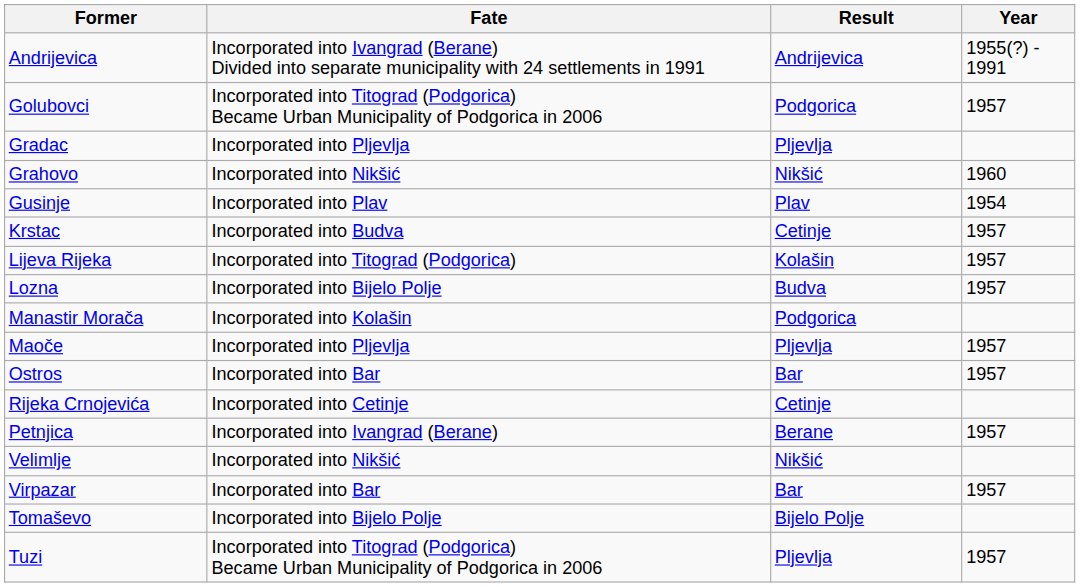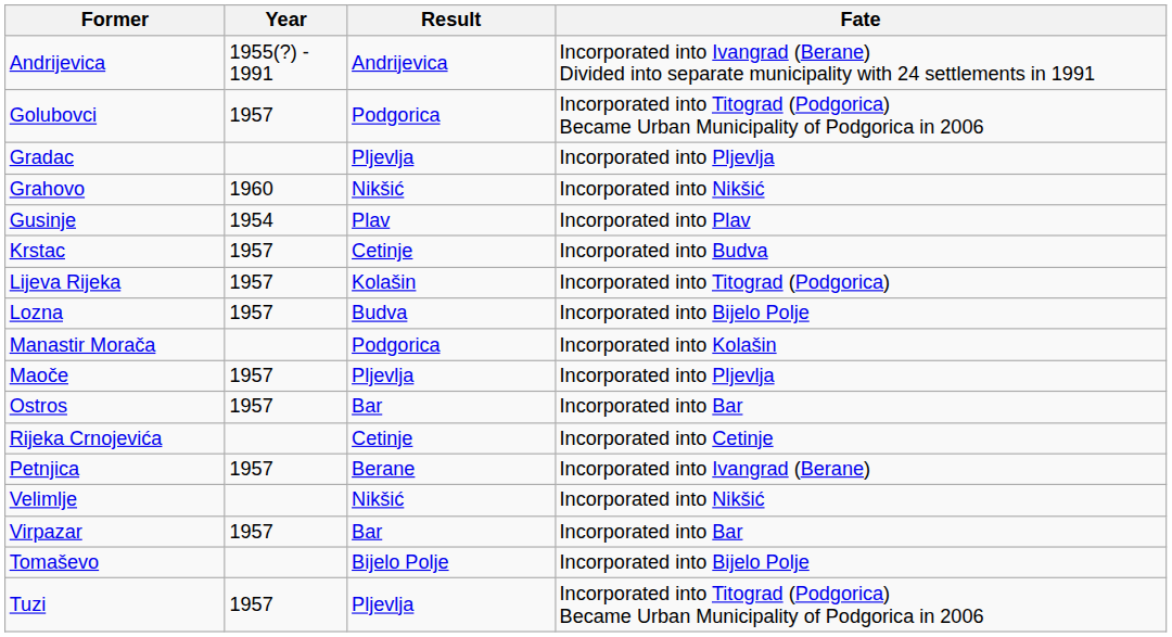 <table class="wikitable" width="75%">
 <tr>
 <th width="18%">Former</th>
+<th width="10%">Year<br> </th>
+<th width="17%">Result</th>
 <th width="50%">Fate</th>
-<th width="17%">Result</th>
-<th width="10%">Year<br> </th>
 </tr>
 <tr>
 <td><a href='#'>Andrijevica</a></td>
+<td>1955(?) - 1991</td>
+<td><a href='#'>Andrijevica</a></td>
 <td>Incorporated into <a href='#'>Ivangrad</a> (<a href='#'>Berane</a>) <br> Divided into separate municipality with 24 settlements in 1991</td>
-<td><a href='#'>Andrijevica</a></td>
-<td>1955(?) - 1991</td>
 </tr>
 <tr>
 <td><a href='#'>Golubovci</a></td>
+<td>1957</td>
+<td><a href='#'>Podgorica</a></td>
 <td>Incorporated into <a href='#'>Titograd</a> (<a href='#'>Podgorica</a>) <br> Became Urban Municipality of Podgorica in 2006</td>
-<td><a href='#'>Podgorica</a></td>
-<td>1957</td>
 </tr>
 <tr>
 <td><a href='#'>Gradac</a></td>
+<td></td>
+<td><a href='#'>Pljevlja</a></td>
 <td>Incorporated into <a href='#'>Pljevlja</a></td>
-<td><a href='#'>Pljevlja</a></td>
-<td></td>
 </tr>
 <tr>
 <td><a href='#'>Grahovo</a></td>
+<td>1960</td>
+<td><a href='#'>Nikšić</a></td>
 <td>Incorporated into <a href='#'>Nikšić</a></td>
-<td><a href='#'>Nikšić</a></td>
-<td>1960</td>
 </tr>
 <tr>
 <td><a href='#'>Gusinje</a></td>
+<td>1954</td>
+<td><a href='#'>Plav</a></td>
 <td>Incorporated into <a href='#'>Plav</a></td>
-<td><a href='#'>Plav</a></td>
-<td>1954</td>
 </tr>
 <tr>
 <td><a href='#'>Krstac</a></td>
+<td>1957</td>
+<td><a href='#'>Cetinje</a></td>
 <td>Incorporated into <a href='#'>Budva</a></td>
-<td><a href='#'>Cetinje</a></td>
-<td>1957</td>
 </tr>
 <tr>
 <td><a href='#'>Lijeva Rijeka</a></td>
+<td>1957</td>
+<td><a href='#'>Kolašin</a></td>
 <td>Incorporated into <a href='#'>Titograd</a> (<a href='#'>Podgorica</a>)</td>
-<td><a href='#'>Kolašin</a></td>
-<td>1957</td>
 </tr>
 <tr>
 <td><a href='#'>Lozna</a></td>
+<td>1957</td>
+<td><a href='#'>Budva</a></td>
 <td>Incorporated into <a href='#'>Bijelo Polje</a></td>
-<td><a href='#'>Budva</a></td>
-<td>1957</td>
 </tr>
 <tr>
 <td><a href='#'>Manastir Morača</a></td>
+<td></td>
+<td><a href='#'>Podgorica</a></td>
 <td>Incorporated into <a href='#'>Kolašin</a></td>
-<td><a href='#'>Podgorica</a></td>
-<td></td>
 </tr>
 <tr>
 <td><a href='#'>Maoče</a></td>
+<td>1957</td>
+<td><a href='#'>Pljevlja</a></td>
 <td>Incorporated into <a href='#'>Pljevlja</a></td>
-<td><a href='#'>Pljevlja</a></td>
-<td>1957</td>
 </tr>
 <tr>
 <td><a href='#'>Ostros</a></td>
+<td>1957</td>
+<td><a href='#'>Bar</a></td>
 <td>Incorporated into <a href='#'>Bar</a></td>
-<td><a href='#'>Bar</a></td>
-<td>1957</td>
 </tr>
 <tr>
 <td><a href='#'>Rijeka Crnojevića</a></td>
+<td></td>
+<td><a href='#'>Cetinje</a></td>
 <td>Incorporated into <a href='#'>Cetinje</a></td>
-<td><a href='#'>Cetinje</a></td>
-<td></td>
 </tr>
 <tr>
 <td><a href='#'>Petnjica</a></td>
+<td>1957</td>
+<td><a href='#'>Berane</a></td>
 <td>Incorporated into <a href='#'>Ivangrad</a> (<a href='#'>Berane</a>)</td>
-<td><a href='#'>Berane</a></td>
-<td>1957</td>
 </tr>
 <tr>
 <td><a href='#'>Velimlje</a></td>
+<td></td>
+<td><a href='#'>Nikšić</a></td>
 <td>Incorporated into <a href='#'>Nikšić</a></td>
-<td><a href='#'>Nikšić</a></td>
-<td></td>
 </tr>
 <tr>
 <td><a href='#'>Virpazar</a></td>
+<td>1957</td>
+<td><a href='#'>Bar</a></td>
 <td>Incorporated into <a href='#'>Bar</a></td>
-<td><a href='#'>Bar</a></td>
-<td>1957</td>
 </tr>
 <tr>
 <td><a href='#'>Tomaševo</a></td>
+<td></td>
+<td><a href='#'>Bijelo Polje</a></td>
 <td>Incorporated into <a href='#'>Bijelo Polje</a></td>
-<td><a href='#'>Bijelo Polje</a></td>
-<td></td>
 </tr>
 <tr>
 <td><a href='#'>Tuzi</a></td>
+<td>1957</td>
+<td><a href='#'>Pljevlja</a></td>
 <td>Incorporated into <a href='#'>Titograd</a> (<a href='#'>Podgorica</a>) <br> Became Urban Municipality of Podgorica in 2006</td>
-<td><a href='#'>Pljevlja</a></td>
-<td>1957</td>
 </tr>
 </table>
